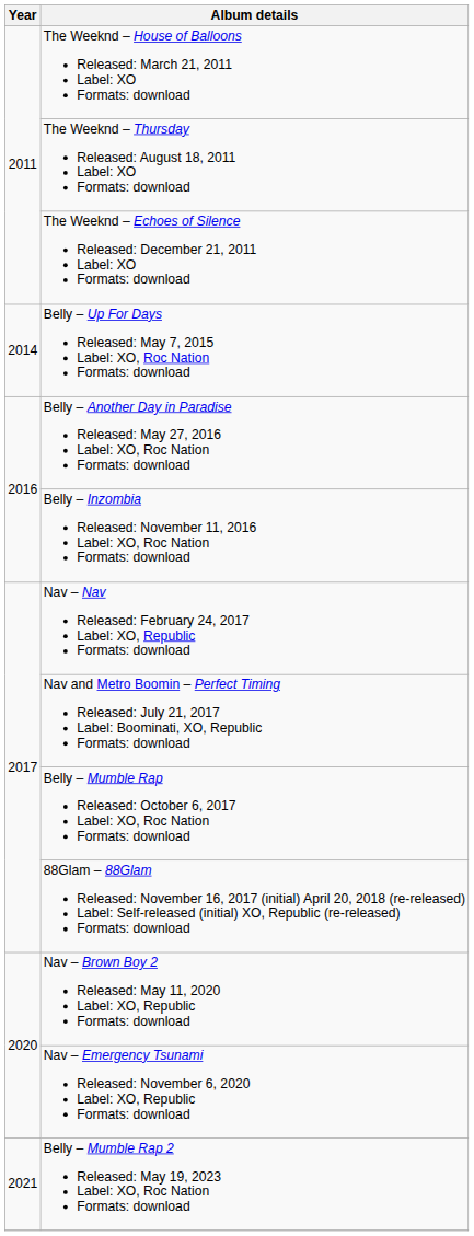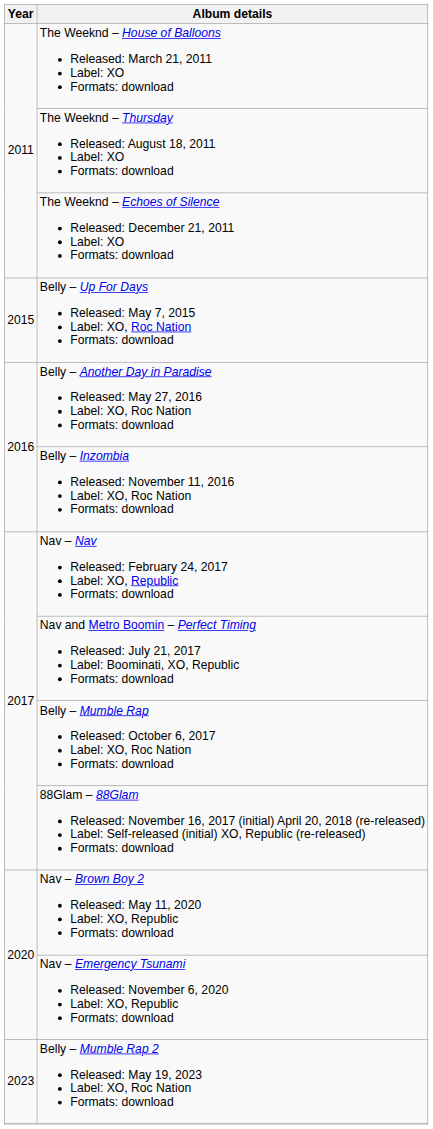 <table class="wikitable sortable">
 <tr>
 <th>Year</th>
 <th class="unsortable">Album details</th>
 </tr>
 <tr>
 <td rowspan="3" style="text-align:center;">2011</td>
 <td>The Weeknd – <em><a href='#'>House of Balloons</a></em><br><ul><li>Released: March 21, 2011</li><li>Label: XO</li><li>Formats: download</li></ul></td>
 </tr>
 <tr>
 <td>The Weeknd – <em><a href='#'>Thursday</a></em><br><ul><li>Released: August 18, 2011</li><li>Label: XO</li><li>Formats: download</li></ul></td>
 </tr>
 <tr>
 <td>The Weeknd – <em><a href='#'>Echoes of Silence</a></em><br><ul><li>Released: December 21, 2011</li><li>Label: XO</li><li>Formats: download</li></ul></td>
 </tr>
 <tr>
-<td style="text-align:center;">2014</td>
+<td style="text-align:center;">2015</td>
 <td>Belly – <em><a href='#'>Up For Days</a></em><br><ul><li>Released: May 7, 2015</li><li>Label: XO, <a href='#'>Roc Nation</a></li><li>Formats: download</li></ul></td>
 </tr>
 <tr>
 <td rowspan="2" style="text-align:center;">2016</td>
 <td>Belly – <em><a href='#'>Another Day in Paradise</a></em><br><ul><li>Released: May 27, 2016</li><li>Label: XO, Roc Nation</li><li>Formats: download</li></ul></td>
 </tr>
 <tr>
 <td>Belly – <em><a href='#'>Inzombia</a></em><br><ul><li>Released: November 11, 2016</li><li>Label: XO, Roc Nation</li><li>Formats: download</li></ul></td>
 </tr>
 <tr>
 <td rowspan="4" style="text-align:center;">2017</td>
 <td>Nav – <em><a href='#'>Nav</a></em><br><ul><li>Released: February 24, 2017</li><li>Label: XO, <a href='#'>Republic</a></li><li>Formats: download</li></ul></td>
 </tr>
 <tr>
 <td>Nav and <a href='#'>Metro Boomin</a> – <em><a href='#'>Perfect Timing</a></em><br><ul><li>Released: July 21, 2017</li><li>Label: Boominati, XO, Republic</li><li>Formats: download</li></ul></td>
 </tr>
 <tr>
 <td>Belly – <em><a href='#'>Mumble Rap</a></em><br><ul><li>Released: October 6, 2017</li><li>Label: XO, Roc Nation</li><li>Formats: download</li></ul></td>
 </tr>
 <tr>
 <td>88Glam – <em><a href='#'>88Glam</a></em><br><ul><li>Released: November 16, 2017 (initial) April 20, 2018 (re-released)</li><li>Label: Self-released (initial) XO, Republic (re-released)</li><li>Formats: download</li></ul></td>
 </tr>
 <tr>
 <td rowspan="2" style="text-align:center;">2020</td>
 <td>Nav – <em><a href='#'>Brown Boy 2</a></em><br><ul><li>Released: May 11, 2020</li><li>Label: XO, Republic</li><li>Formats: download</li></ul></td>
 </tr>
 <tr>
 <td>Nav – <em><a href='#'>Emergency Tsunami</a></em><br><ul><li>Released: November 6, 2020</li><li>Label: XO, Republic</li><li>Formats: download</li></ul></td>
 </tr>
 <tr>
-<td style="text-align:center;">2021</td>
+<td style="text-align:center;">2023</td>
 <td>Belly – <em><a href='#'>Mumble Rap 2</a></em><br><ul><li>Released: May 19, 2023</li><li>Label: XO, Roc Nation</li><li>Formats: download</li></ul></td>
 </tr>
 <tr>
 </tr>
 </table>
